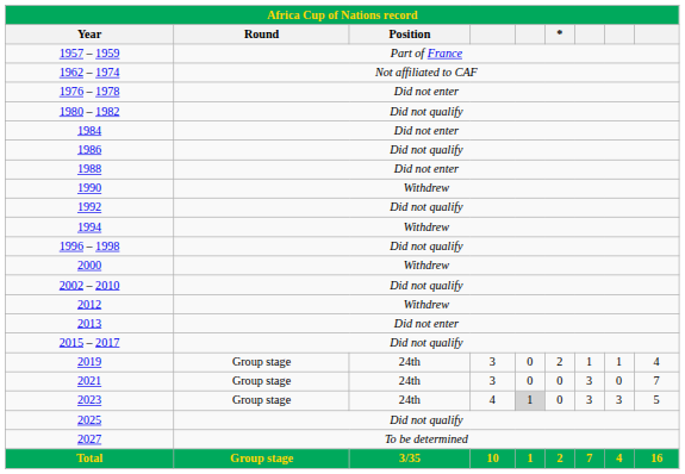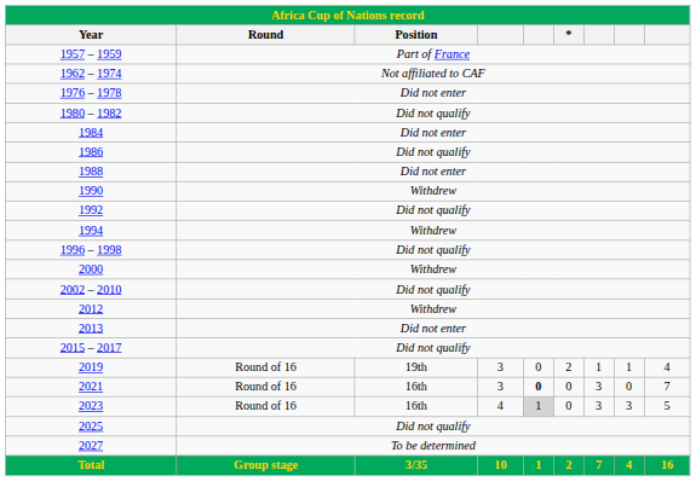 <table class="wikitable alternance" style="font-size:99%; text-align:center; width:70%">
 <tr>
 <th colspan="9" style="background:#00A95C; color:#FFD700; ">Africa Cup of Nations record</th>
 </tr>
 <tr>
 <th>Year</th>
 <th>Round</th>
 <th>Position</th>
 <th></th>
 <th></th>
 <th>*</th>
 <th></th>
 <th></th>
 <th></th>
 </tr>
 <tr>
 <td> <a href='#'>1957</a> –  <a href='#'>1959</a></td>
 <td colspan="8"><em>Part of <a href='#'>France</a></em></td>
 </tr>
 <tr>
 <td> <a href='#'>1962</a> –  <a href='#'>1974</a></td>
 <td colspan="8"><em>Not affiliated to CAF</em></td>
 </tr>
 <tr>
 <td> <a href='#'>1976</a> –  <a href='#'>1978</a></td>
 <td colspan="8"><em>Did not enter</em></td>
 </tr>
 <tr>
 <td> <a href='#'>1980</a> –  <a href='#'>1982</a></td>
 <td colspan="8"><em>Did not qualify</em></td>
 </tr>
 <tr>
 <td> <a href='#'>1984</a></td>
 <td colspan=8><em>Did not enter</em></td>
 </tr>
 <tr>
 <td> <a href='#'>1986</a></td>
 <td colspan=8><em>Did not qualify</em></td>
 </tr>
 <tr>
 <td> <a href='#'>1988</a></td>
 <td colspan=8><em>Did not enter</em></td>
 </tr>
 <tr>
 <td> <a href='#'>1990</a></td>
 <td colspan=8><em>Withdrew</em></td>
 </tr>
 <tr>
 <td> <a href='#'>1992</a></td>
 <td colspan=8><em>Did not qualify</em></td>
 </tr>
 <tr>
 <td> <a href='#'>1994</a></td>
 <td colspan=8><em>Withdrew</em></td>
 </tr>
 <tr>
 <td> <a href='#'>1996</a> –  <a href='#'>1998</a></td>
 <td colspan="8"><em>Did not qualify</em></td>
 </tr>
 <tr>
 <td>  <a href='#'>2000</a></td>
 <td colspan=8><em>Withdrew</em></td>
 </tr>
 <tr>
 <td> <a href='#'>2002</a> –  <a href='#'>2010</a></td>
 <td colspan="8"><em>Did not qualify</em></td>
 </tr>
 <tr>
 <td>  <a href='#'>2012</a></td>
 <td colspan=8><em>Withdrew</em></td>
 </tr>
 <tr>
 <td> <a href='#'>2013</a></td>
 <td colspan=8><em>Did not enter</em></td>
 </tr>
 <tr>
 <td> <a href='#'>2015</a> –  <a href='#'>2017</a></td>
 <td colspan="8"><em>Did not qualify</em></td>
 </tr>
 <tr>
 <td> <a href='#'>2019</a></td>
-<td>Group stage</td>
-<td>24th</td>
+<td>Round of 16</td>
+<td>19th</td>
 <td>3</td>
 <td>0</td>
 <td>2</td>
 <td>1</td>
 <td>1</td>
 <td>4</td>
 </tr>
 <tr>
 <td> <a href='#'>2021</a></td>
-<td>Group stage</td>
-<td>24th</td>
+<td>Round of 16</td>
+<td>16th</td>
 <td>3</td>
-<td>0</td>
+<td><strong>0</strong></td>
 <td>0</td>
 <td>3</td>
 <td>0</td>
 <td>7</td>
 </tr>
 <tr>
 <td> <a href='#'>2023</a></td>
-<td>Group stage</td>
-<td>24th</td>
+<td>Round of 16</td>
+<td>16th</td>
 <td>4</td>
 <td style="background: lightgrey;">1</td>
 <td>0</td>
 <td>3</td>
 <td>3</td>
 <td>5</td>
 </tr>
 <tr>
 <td> <a href='#'>2025</a></td>
 <td colspan=8><em>Did not qualify</em></td>
 </tr>
 <tr>
 <td>   <a href='#'>2027</a></td>
 <td colspan=8><em>To be determined</em></td>
 </tr>
 <tr>
 <th style="background:#00A95C; color:#FFD700; ">Total</th>
 <th style="background:#00A95C; color:#FFD700; ">Group stage</th>
 <th style="background:#00A95C; color:#FFD700; ">3/35</th>
 <th style="background:#00A95C; color:#FFD700; ">10</th>
 <th style="background:#00A95C; color:#FFD700; ">1</th>
 <th style="background:#00A95C; color:#FFD700; ">2</th>
 <th style="background:#00A95C; color:#FFD700; ">7</th>
 <th style="background:#00A95C; color:#FFD700; ">4</th>
 <th style="background:#00A95C; color:#FFD700; ">16</th>
 </tr>
 </table>
